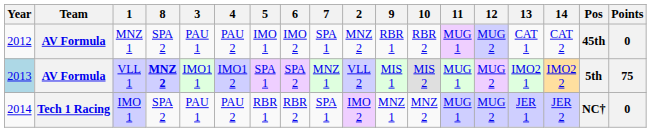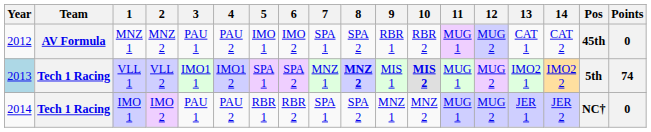 <table class="wikitable" style="text-align:center; font-size:85%">
 <tr>
 <th>Year</th>
 <th>Team</th>
 <th>1</th>
-<th>8</th>
+<th>2</th>
 <th>3</th>
 <th>4</th>
 <th>5</th>
 <th>6</th>
 <th>7</th>
-<th>2</th>
+<th>8</th>
 <th>9</th>
 <th>10</th>
 <th>11</th>
 <th>12</th>
 <th>13</th>
 <th>14</th>
 <th>Pos</th>
 <th>Points</th>
 </tr>
 <tr>
 <td><a href='#'>2012</a></td>
 <th nowrap><a href='#'>AV Formula</a></th>
 <td style="background:#;"><a href='#'>MNZ<br>1</a><br></td>
-<td style="background:#;"><a href='#'>SPA<br>2</a><br></td>
+<td style="background:#;"><a href='#'>MNZ<br>2</a><br></td>
 <td style="background:#;"><a href='#'>PAU<br>1</a><br></td>
 <td style="background:#;"><a href='#'>PAU<br>2</a><br></td>
 <td style="background:#;"><a href='#'>IMO<br>1</a><br></td>
 <td style="background:#;"><a href='#'>IMO<br>2</a><br></td>
 <td style="background:#;"><a href='#'>SPA<br>1</a><br></td>
-<td style="background:#;"><a href='#'>MNZ<br>2</a><br></td>
+<td style="background:#;"><a href='#'>SPA<br>2</a><br></td>
 <td style="background:#;"><a href='#'>RBR<br>1</a><br></td>
 <td style="background:#;"><a href='#'>RBR<br>2</a><br></td>
 <td style="background:#EFCFFF;"><a href='#'>MUG<br>1</a><br></td>
 <td style="background:#CFCFFF;"><a href='#'>MUG<br>2</a><br></td>
 <td style="background:#;"><a href='#'>CAT<br>1</a><br></td>
 <td style="background:#;"><a href='#'>CAT<br>2</a><br></td>
 <th>45th</th>
 <th>0</th>
 </tr>
 <tr>
 <td style="background: lightblue;"><a href='#'>2013</a></td>
-<th nowrap><a href='#'>AV Formula</a></th>
+<th nowrap><a href='#'>Tech 1 Racing</a></th>
 <td style="background:#CFCFFF;"><a href='#'>VLL<br>1</a><br></td>
-<td style="background:#CFCFFF;"><strong><a href='#'>MNZ<br>2</a></strong><br></td>
+<td style="background:#CFCFFF;"><a href='#'>VLL<br>2</a><br></td>
 <td style="background:#DFFFDF;"><a href='#'>IMO1<br>1</a><br></td>
 <td style="background:#CFCFFF;"><a href='#'>IMO1<br>2</a><br></td>
 <td style="background:#EFCFFF;"><a href='#'>SPA<br>1</a><br></td>
 <td style="background:#EFCFFF;"><a href='#'>SPA<br>2</a><br></td>
 <td style="background:#DFFFDF;"><a href='#'>MNZ<br>1</a><br></td>
-<td style="background:#CFCFFF;"><a href='#'>VLL<br>2</a><br></td>
+<td style="background:#CFCFFF;"><strong><a href='#'>MNZ<br>2</a></strong><br></td>
 <td style="background:#DFFFDF;"><a href='#'>MIS<br>1</a><br></td>
-<td style="background:#DFDFDF;"><a href='#'>MIS<br>2</a><br></td>
+<td style="background:#DFDFDF;"><strong><a href='#'>MIS<br>2</a><br></strong></td>
 <td style="background:#DFFFDF;"><a href='#'>MUG<br>1</a><br></td>
 <td style="background:#EFCFFF;"><a href='#'>MUG<br>2</a><br></td>
 <td style="background:#DFFFDF;"><a href='#'>IMO2<br>1</a><br></td>
 <td style="background:#FFDF9F;"><a href='#'>IMO2<br>2</a><br></td>
 <th>5th</th>
-<th>75</th>
+<th>74</th>
 </tr>
 <tr>
 <td><a href='#'>2014</a></td>
 <th><a href='#'>Tech 1 Racing</a></th>
 <td style="background:#CFCFFF;"><a href='#'>IMO<br>1</a><br></td>
-<td style="background:#;"><a href='#'>SPA<br>2</a><br></td>
+<td style="background:#EFCFFF;"><a href='#'>IMO<br>2</a><br></td>
 <td style="background:#;"><a href='#'>PAU<br>1</a><br></td>
 <td style="background:#;"><a href='#'>PAU<br>2</a><br></td>
 <td style="background:#;"><a href='#'>RBR<br>1</a><br></td>
 <td style="background:#;"><a href='#'>RBR<br>2</a><br></td>
 <td style="background:#;"><a href='#'>SPA<br>1</a><br></td>
-<td style="background:#EFCFFF;"><a href='#'>IMO<br>2</a><br></td>
+<td style="background:#;"><a href='#'>SPA<br>2</a><br></td>
 <td style="background:#;"><a href='#'>MNZ<br>1</a><br></td>
 <td style="background:#;"><a href='#'>MNZ<br>2</a><br></td>
 <td style="background:#CFCFFF;"><a href='#'>MUG<br>1</a><br></td>
 <td style="background:#CFCFFF;"><a href='#'>MUG<br>2</a><br></td>
 <td style="background:#CFCFFF;"><a href='#'>JER<br>1</a><br></td>
 <td style="background:#CFCFFF;"><a href='#'>JER<br>2</a><br></td>
 <th>NC†</th>
 <th>0</th>
 </tr>
 </table>
